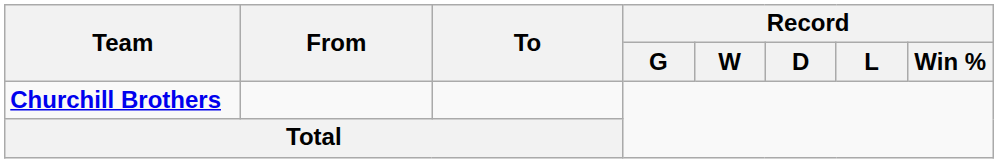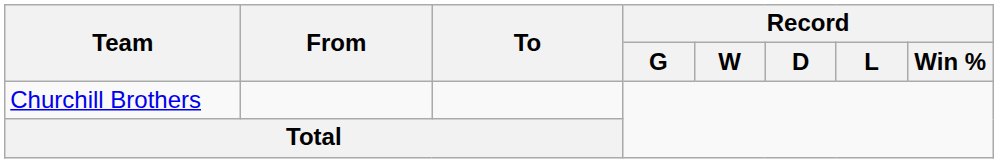 <table class="wikitable" style="text-align: center">
 <tr>
 <th rowspan=2! width=150>Team</th>
 <th rowspan=2! width=120>From</th>
 <th rowspan=2! width=120>To</th>
 <th colspan=7>Record</th>
 </tr>
 <tr>
 <th width=40>G</th>
 <th width=40>W</th>
 <th width=40>D</th>
 <th width=40>L</th>
 <th width=50>Win %</th>
 </tr>
 <tr>
-<td align=left><strong> <a href='#'>Churchill Brothers</a></strong></td>
+<td align=left> <a href='#'>Churchill Brothers</a></td>
 <td align=left></td>
 <td align=left><br></td>
 </tr>
 <tr>
 <th colspan="3">Total<br></th>
 </tr>
 </table>
